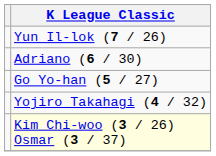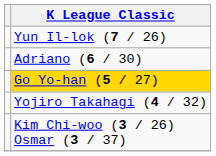 <table class="wikitable" style="text-align:left">
 <tr>
 <th></th>
 <th><a href='#'>K League Classic</a></th>
 </tr>
 <tr>
 <td></td>
 <td> <a href='#'>Yun Il-lok</a> (<strong>7</strong> / 26)</td>
 </tr>
 <tr>
 <td></td>
 <td> <a href='#'>Adriano</a>  (<strong>6</strong> / 30)</td>
 </tr>
 <tr>
 <td></td>
-<td> <a href='#'>Go Yo-han</a> (<strong>5</strong> / 27)</td>
+<td style="background: gold;"> <a href='#'>Go Yo-han</a> (<strong>5</strong> / 27)</td>
 </tr>
 <tr>
 <td></td>
 <td> <a href='#'>Yojiro Takahagi</a> (<strong>4</strong> / 32)</td>
 </tr>
 <tr>
 <td></td>
-<td style="background: lightyellow;"> <a href='#'>Kim Chi-woo</a> (<strong>3</strong> / 26)<br> <a href='#'>Osmar</a> (<strong>3</strong> / 37)</td>
+<td> <a href='#'>Kim Chi-woo</a> (<strong>3</strong> / 26)<br> <a href='#'>Osmar</a> (<strong>3</strong> / 37)</td>
 </tr>
 <tr>
 </tr>
 </table>
